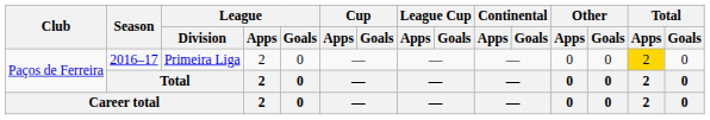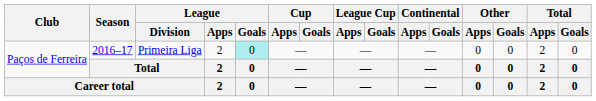 <table class="wikitable" style="text-align:center">
 <tr>
 <th rowspan="2">Club</th>
 <th rowspan="2">Season</th>
 <th colspan="3">League</th>
 <th colspan="2">Cup</th>
 <th colspan="2">League Cup</th>
 <th colspan="2">Continental</th>
 <th colspan="2">Other</th>
 <th colspan="2">Total</th>
 </tr>
 <tr>
 <th>Division</th>
 <th>Apps</th>
 <th>Goals</th>
 <th>Apps</th>
 <th>Goals</th>
 <th>Apps</th>
 <th>Goals</th>
 <th>Apps</th>
 <th>Goals</th>
 <th>Apps</th>
 <th>Goals</th>
 <th>Apps</th>
 <th>Goals</th>
 </tr>
 <tr>
 <td rowspan="2"><a href='#'>Paços de Ferreira</a></td>
 <td><a href='#'>2016–17</a></td>
 <td rowspan="1"><a href='#'>Primeira Liga</a></td>
 <td>2</td>
-<td>0</td>
+<td style="background: paleturquoise;">0</td>
 <td colspan="2">—</td>
 <td colspan="2">—</td>
 <td colspan="2">—</td>
 <td>0</td>
 <td>0</td>
-<td style="background: gold;">2</td>
+<td>2</td>
 <td>0</td>
 </tr>
 <tr>
 <th colspan="2">Total</th>
 <th>2</th>
 <th>0</th>
 <th colspan="2">—</th>
 <th colspan="2">—</th>
 <th colspan="2">—</th>
 <th>0</th>
 <th>0</th>
 <th>2</th>
 <th>0</th>
 </tr>
 <tr>
 <th colspan="3">Career total</th>
 <th>2</th>
 <th>0</th>
 <th colspan="2">—</th>
 <th colspan="2">—</th>
 <th colspan="2">—</th>
 <th>0</th>
 <th>0</th>
 <th>2</th>
 <th>0</th>
 </tr>
 </table>
